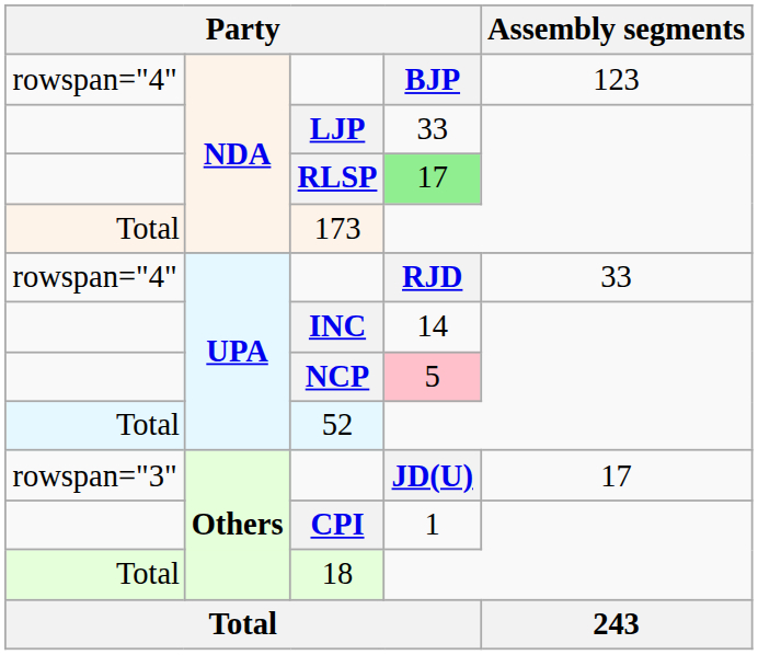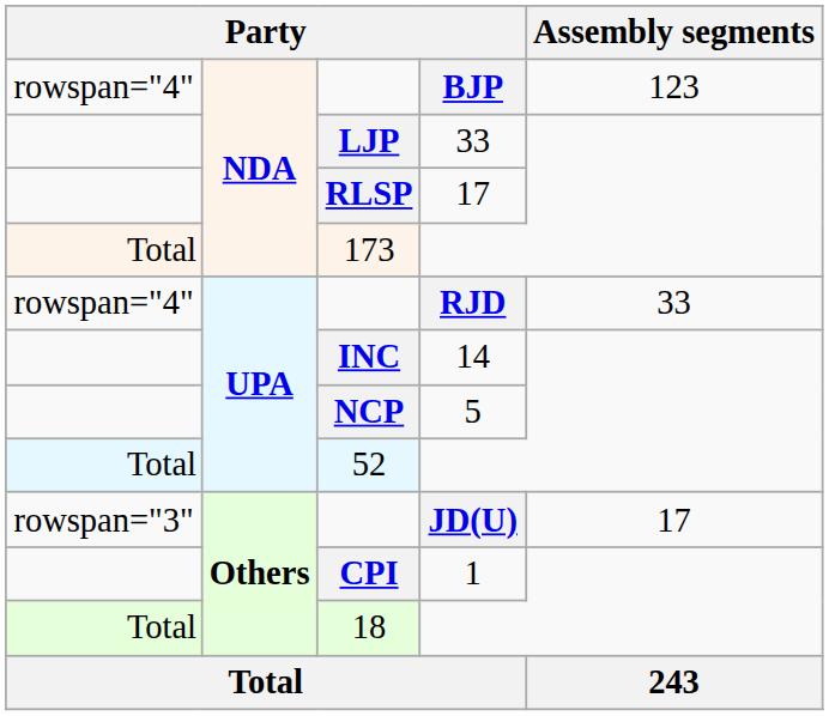 <table class="wikitable" style="text-align:center">
 <tr>
 <th colspan=4>Party</th>
 <th>Assembly segments</th>
 </tr>
 <tr>
 <td>rowspan="4" </td>
 <th rowspan="4"style="background:#fef3e8"><a href='#'>NDA</a></th>
 <td></td>
 <th><a href='#'>BJP</a></th>
 <td>123</td>
 </tr>
 <tr>
 <td></td>
 <th><a href='#'>LJP</a></th>
 <td>33</td>
 </tr>
 <tr>
 <td></td>
 <th><a href='#'>RLSP</a></th>
-<td style="background: lightgreen;">17</td>
+<td>17</td>
 </tr>
 <tr>
 <td colspan="2"style="background:#fef3e8">Total</td>
 <td style="background:#fef3e8">173</td>
 </tr>
 <tr>
 <td>rowspan="4" </td>
 <th rowspan="4"style="background:#E5F8FF"><a href='#'>UPA</a></th>
 <td></td>
 <th><a href='#'>RJD</a></th>
 <td>33</td>
 </tr>
 <tr>
 <td></td>
 <th><a href='#'>INC</a></th>
 <td>14</td>
 </tr>
 <tr>
 <td></td>
 <th><a href='#'>NCP</a></th>
-<td style="background: pink;">5</td>
+<td>5</td>
 </tr>
 <tr>
 <td colspan="2"style="background:#E5F8FF">Total</td>
 <td style="background:#E5F8FF">52</td>
 </tr>
 <tr>
 <td>rowspan="3" </td>
 <th rowspan="3"style="background:#E5FFDA">Others</th>
 <td></td>
 <th><a href='#'>JD(U)</a></th>
 <td>17</td>
 </tr>
 <tr>
 <td></td>
 <th><a href='#'>CPI</a></th>
 <td>1</td>
 </tr>
 <tr>
 <td colspan="2"style="background:#E5FFDA">Total</td>
 <td style="background:#E5FFDA">18</td>
 </tr>
 <tr>
 <th colspan="4">Total</th>
 <th>243</th>
 </tr>
 </table>
